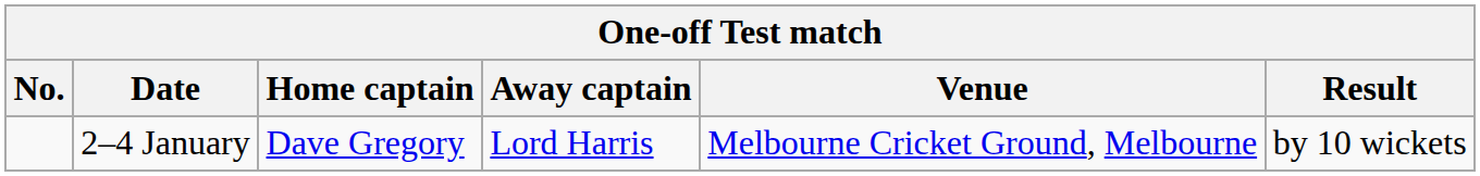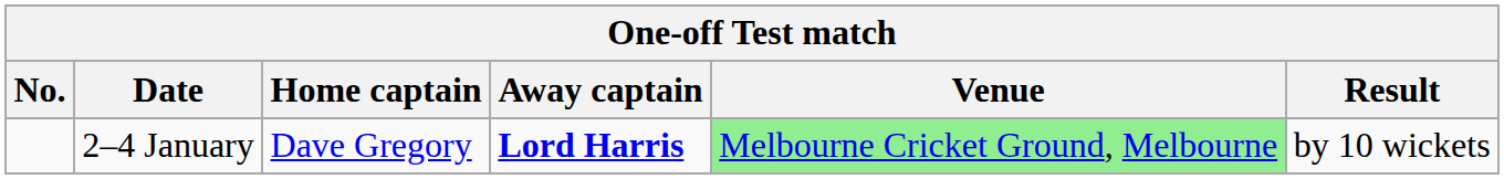 <table class="wikitable">
 <tr>
 <th colspan="9">One-off Test match</th>
 </tr>
 <tr>
 <th>No.</th>
 <th>Date</th>
 <th>Home captain</th>
 <th>Away captain</th>
 <th>Venue</th>
 <th>Result</th>
 </tr>
 <tr>
 <td></td>
 <td>2–4 January</td>
 <td><a href='#'>Dave Gregory</a></td>
-<td><a href='#'>Lord Harris</a></td>
-<td><a href='#'>Melbourne Cricket Ground</a>, <a href='#'>Melbourne</a></td>
+<td><strong><a href='#'>Lord Harris</a></strong></td>
+<td style="background: lightgreen;"><a href='#'>Melbourne Cricket Ground</a>, <a href='#'>Melbourne</a></td>
 <td> by 10 wickets</td>
 </tr>
 </table>
